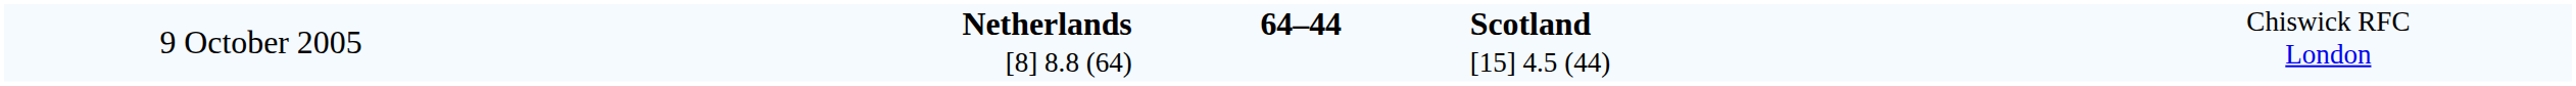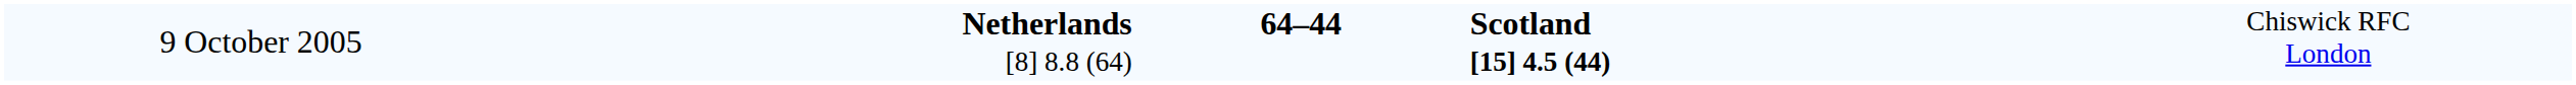 <table style="width: 100%; background:#F5FAFF;" cellspacing="0">
 <tr>
 <td align=center rowspan=3 width=20%>9 October 2005</td>
 </tr>
 <tr>
 <td width=24% align=right><strong>Netherlands</strong></td>
 <td align=center width=13%><strong>64–44</strong></td>
 <td width=24%><strong>Scotland</strong></td>
 <td style=font-size:85% rowspan=3 valign=top align=center>Chiswick RFC<br><a href='#'>London</a></td>
 </tr>
 <tr style=font-size:85%>
 <td align=right>[8] 8.8 (64)</td>
 <td></td>
-<td>[15] 4.5 (44)</td>
+<td><strong>[15] 4.5 (44)</strong></td>
 </tr>
 </table>
